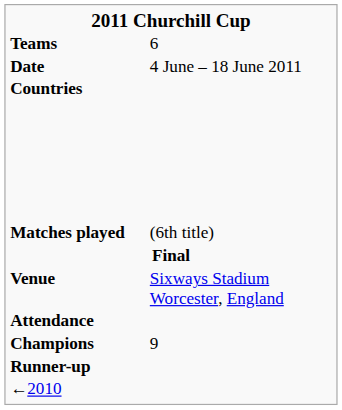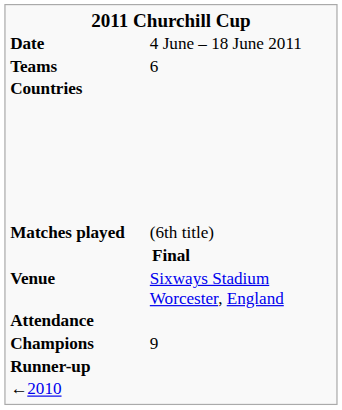 <table class="infobox" width="280" cellspacing="0" style="font-size: 90%;">
 <tr>
 <th colspan="2" style="font-size: medium;">2011 Churchill Cup</th>
 </tr>
 <tr>
+<td><strong>Date</strong></td>
+<td>4 June – 18 June 2011</td>
+</tr>
+<tr>
 <td><strong>Teams</strong></td>
 <td>6</td>
-</tr>
-<tr>
-<td><strong>Date</strong></td>
-<td>4 June – 18 June 2011</td>
 </tr>
 <tr>
 <td><strong>Countries</strong></td>
 <td><br><br><br> <br> <br> <br> <br></td>
 </tr>
 <tr>
 <td><strong>Matches played</strong></td>
 <td> (6th title)</td>
 </tr>
 <tr>
 <td colspan=2 style="text-align: center;"><strong>Final</strong></td>
 </tr>
 <tr>
 <td><strong>Venue</strong></td>
 <td><a href='#'>Sixways Stadium</a><br> <a href='#'>Worcester</a>, <a href='#'>England</a></td>
 </tr>
 <tr>
 <td><strong>Attendance</strong></td>
 <td></td>
 </tr>
 <tr>
 <td><strong>Champions</strong></td>
 <td>9</td>
 </tr>
 <tr>
 <td><strong>Runner-up</strong></td>
 <td></td>
 </tr>
 <tr>
 <td>←<a href='#'>2010</a></td>
 </tr>
 </table>
